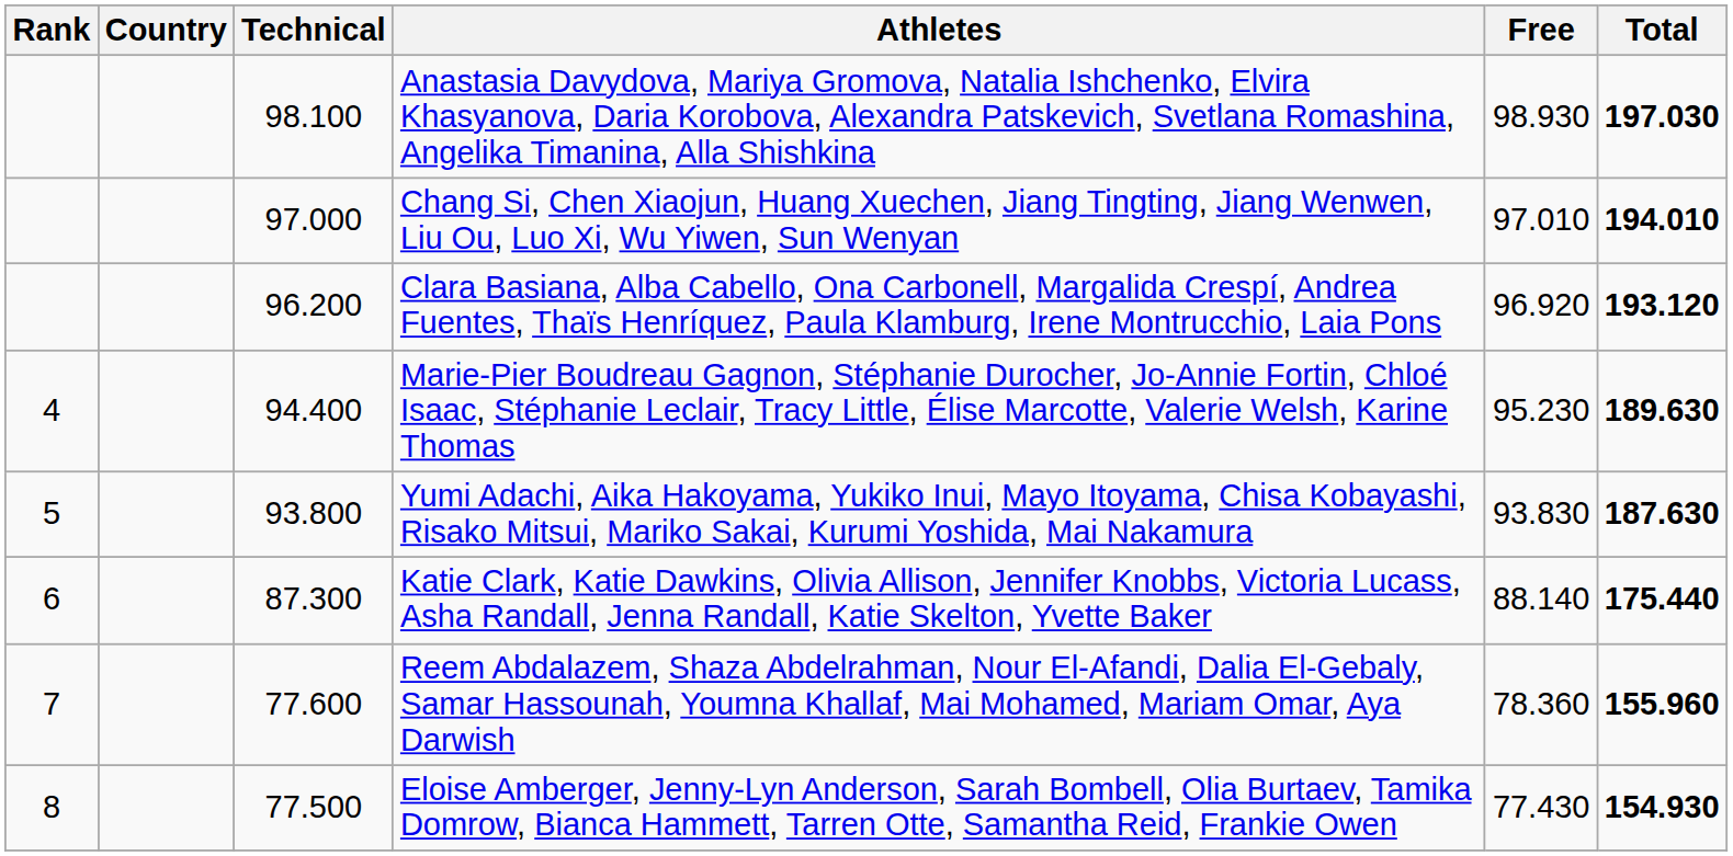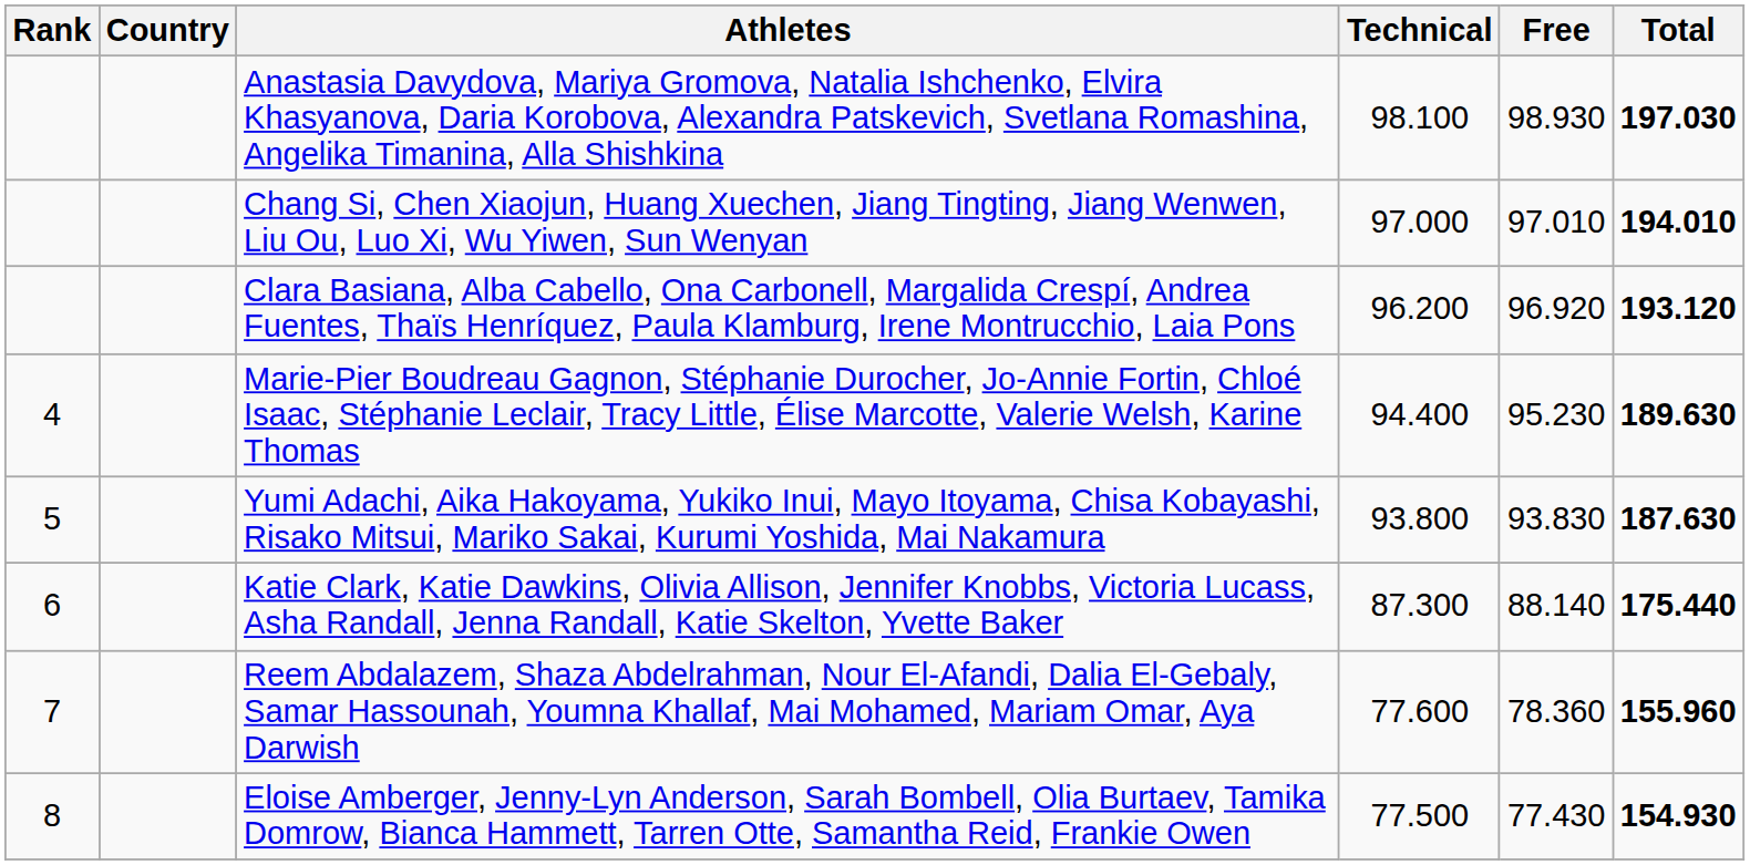 <table class="wikitable sortable" style="text-align:center">
 <tr>
 <th>Rank</th>
 <th>Country</th>
+<th>Athletes</th>
 <th>Technical</th>
-<th>Athletes</th>
 <th>Free</th>
 <th>Total</th>
 </tr>
 <tr>
 <td></td>
 <td align=left></td>
+<td align=left><a href='#'>Anastasia Davydova</a>, <a href='#'>Mariya Gromova</a>, <a href='#'>Natalia Ishchenko</a>, <a href='#'>Elvira Khasyanova</a>, <a href='#'>Daria Korobova</a>, <a href='#'>Alexandra Patskevich</a>, <a href='#'>Svetlana Romashina</a>, <a href='#'>Angelika Timanina</a>, <a href='#'>Alla Shishkina</a></td>
 <td>98.100</td>
-<td align=left><a href='#'>Anastasia Davydova</a>, <a href='#'>Mariya Gromova</a>, <a href='#'>Natalia Ishchenko</a>, <a href='#'>Elvira Khasyanova</a>, <a href='#'>Daria Korobova</a>, <a href='#'>Alexandra Patskevich</a>, <a href='#'>Svetlana Romashina</a>, <a href='#'>Angelika Timanina</a>, <a href='#'>Alla Shishkina</a></td>
 <td>98.930</td>
 <td><strong>197.030</strong></td>
 </tr>
 <tr>
 <td></td>
 <td align=left></td>
+<td align=left><a href='#'>Chang Si</a>, <a href='#'>Chen Xiaojun</a>, <a href='#'>Huang Xuechen</a>, <a href='#'>Jiang Tingting</a>, <a href='#'>Jiang Wenwen</a>, <a href='#'>Liu Ou</a>, <a href='#'>Luo Xi</a>, <a href='#'>Wu Yiwen</a>, <a href='#'>Sun Wenyan</a></td>
 <td>97.000</td>
-<td align=left><a href='#'>Chang Si</a>, <a href='#'>Chen Xiaojun</a>, <a href='#'>Huang Xuechen</a>, <a href='#'>Jiang Tingting</a>, <a href='#'>Jiang Wenwen</a>, <a href='#'>Liu Ou</a>, <a href='#'>Luo Xi</a>, <a href='#'>Wu Yiwen</a>, <a href='#'>Sun Wenyan</a></td>
 <td>97.010</td>
 <td><strong>194.010</strong></td>
 </tr>
 <tr>
 <td></td>
 <td align=left></td>
+<td align=left><a href='#'>Clara Basiana</a>, <a href='#'>Alba Cabello</a>, <a href='#'>Ona Carbonell</a>, <a href='#'>Margalida Crespí</a>, <a href='#'>Andrea Fuentes</a>, <a href='#'>Thaïs Henríquez</a>, <a href='#'>Paula Klamburg</a>, <a href='#'>Irene Montrucchio</a>, <a href='#'>Laia Pons</a></td>
 <td>96.200</td>
-<td align=left><a href='#'>Clara Basiana</a>, <a href='#'>Alba Cabello</a>, <a href='#'>Ona Carbonell</a>, <a href='#'>Margalida Crespí</a>, <a href='#'>Andrea Fuentes</a>, <a href='#'>Thaïs Henríquez</a>, <a href='#'>Paula Klamburg</a>, <a href='#'>Irene Montrucchio</a>, <a href='#'>Laia Pons</a></td>
 <td>96.920</td>
 <td><strong>193.120</strong></td>
 </tr>
 <tr>
 <td>4</td>
 <td align=left></td>
+<td align=left><a href='#'>Marie-Pier Boudreau Gagnon</a>, <a href='#'>Stéphanie Durocher</a>, <a href='#'>Jo-Annie Fortin</a>, <a href='#'>Chloé Isaac</a>, <a href='#'>Stéphanie Leclair</a>, <a href='#'>Tracy Little</a>, <a href='#'>Élise Marcotte</a>, <a href='#'>Valerie Welsh</a>, <a href='#'>Karine Thomas</a></td>
 <td>94.400</td>
-<td align=left><a href='#'>Marie-Pier Boudreau Gagnon</a>, <a href='#'>Stéphanie Durocher</a>, <a href='#'>Jo-Annie Fortin</a>, <a href='#'>Chloé Isaac</a>, <a href='#'>Stéphanie Leclair</a>, <a href='#'>Tracy Little</a>, <a href='#'>Élise Marcotte</a>, <a href='#'>Valerie Welsh</a>, <a href='#'>Karine Thomas</a></td>
 <td>95.230</td>
 <td><strong>189.630</strong></td>
 </tr>
 <tr>
 <td>5</td>
 <td align=left></td>
+<td align=left><a href='#'>Yumi Adachi</a>, <a href='#'>Aika Hakoyama</a>, <a href='#'>Yukiko Inui</a>, <a href='#'>Mayo Itoyama</a>, <a href='#'>Chisa Kobayashi</a>, <a href='#'>Risako Mitsui</a>, <a href='#'>Mariko Sakai</a>, <a href='#'>Kurumi Yoshida</a>, <a href='#'>Mai Nakamura</a></td>
 <td>93.800</td>
-<td align=left><a href='#'>Yumi Adachi</a>, <a href='#'>Aika Hakoyama</a>, <a href='#'>Yukiko Inui</a>, <a href='#'>Mayo Itoyama</a>, <a href='#'>Chisa Kobayashi</a>, <a href='#'>Risako Mitsui</a>, <a href='#'>Mariko Sakai</a>, <a href='#'>Kurumi Yoshida</a>, <a href='#'>Mai Nakamura</a></td>
 <td>93.830</td>
 <td><strong>187.630</strong></td>
 </tr>
 <tr>
 <td>6</td>
 <td align=left></td>
+<td align=left><a href='#'>Katie Clark</a>, <a href='#'>Katie Dawkins</a>, <a href='#'>Olivia Allison</a>, <a href='#'>Jennifer Knobbs</a>, <a href='#'>Victoria Lucass</a>, <a href='#'>Asha Randall</a>, <a href='#'>Jenna Randall</a>, <a href='#'>Katie Skelton</a>, <a href='#'>Yvette Baker</a></td>
 <td>87.300</td>
-<td align=left><a href='#'>Katie Clark</a>, <a href='#'>Katie Dawkins</a>, <a href='#'>Olivia Allison</a>, <a href='#'>Jennifer Knobbs</a>, <a href='#'>Victoria Lucass</a>, <a href='#'>Asha Randall</a>, <a href='#'>Jenna Randall</a>, <a href='#'>Katie Skelton</a>, <a href='#'>Yvette Baker</a></td>
 <td>88.140</td>
 <td><strong>175.440</strong></td>
 </tr>
 <tr>
 <td>7</td>
 <td align=left></td>
+<td align=left><a href='#'>Reem Abdalazem</a>, <a href='#'>Shaza Abdelrahman</a>, <a href='#'>Nour El-Afandi</a>, <a href='#'>Dalia El-Gebaly</a>, <a href='#'>Samar Hassounah</a>, <a href='#'>Youmna Khallaf</a>, <a href='#'>Mai Mohamed</a>, <a href='#'>Mariam Omar</a>, <a href='#'>Aya Darwish</a></td>
 <td>77.600</td>
-<td align=left><a href='#'>Reem Abdalazem</a>, <a href='#'>Shaza Abdelrahman</a>, <a href='#'>Nour El-Afandi</a>, <a href='#'>Dalia El-Gebaly</a>, <a href='#'>Samar Hassounah</a>, <a href='#'>Youmna Khallaf</a>, <a href='#'>Mai Mohamed</a>, <a href='#'>Mariam Omar</a>, <a href='#'>Aya Darwish</a></td>
 <td>78.360</td>
 <td><strong>155.960</strong></td>
 </tr>
 <tr>
 <td>8</td>
 <td align=left></td>
+<td align=left><a href='#'>Eloise Amberger</a>, <a href='#'>Jenny-Lyn Anderson</a>, <a href='#'>Sarah Bombell</a>, <a href='#'>Olia Burtaev</a>, <a href='#'>Tamika Domrow</a>, <a href='#'>Bianca Hammett</a>, <a href='#'>Tarren Otte</a>, <a href='#'>Samantha Reid</a>, <a href='#'>Frankie Owen</a></td>
 <td>77.500</td>
-<td align=left><a href='#'>Eloise Amberger</a>, <a href='#'>Jenny-Lyn Anderson</a>, <a href='#'>Sarah Bombell</a>, <a href='#'>Olia Burtaev</a>, <a href='#'>Tamika Domrow</a>, <a href='#'>Bianca Hammett</a>, <a href='#'>Tarren Otte</a>, <a href='#'>Samantha Reid</a>, <a href='#'>Frankie Owen</a></td>
 <td>77.430</td>
 <td><strong>154.930</strong></td>
 </tr>
 </table>
